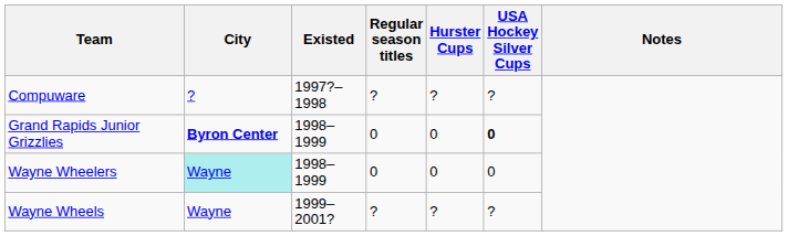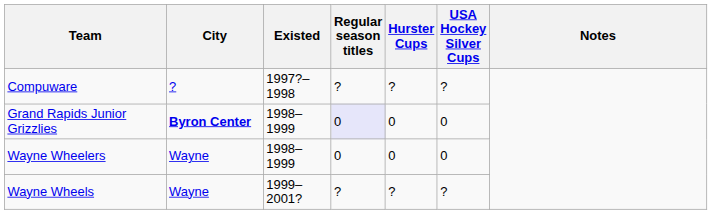 <table class="wikitable">
 <tr>
 <th bgcolor="#DDDDFF" width="25%">Team</th>
 <th bgcolor="#DDDDFF" width="15%">City</th>
 <th bgcolor="#DDDDFF" width="10%">Existed</th>
 <th bgcolor="#DDDDFF" width="5%">Regular season titles</th>
 <th bgcolor="#DDDDFF" width="5%"><a href='#'>Hurster Cups</a></th>
 <th bgcolor="#DDDDFF" width="5%"><a href='#'>USA Hockey Silver Cups</a></th>
 <th bgcolor="#DDDDFF" width="35%">Notes</th>
 </tr>
 <tr>
 <td><a href='#'>Compuware</a></td>
 <td><a href='#'>?</a></td>
 <td>1997?–1998</td>
 <td>?</td>
 <td>?</td>
 <td>?</td>
 </tr>
 <tr>
 <td><a href='#'>Grand Rapids Junior Grizzlies</a></td>
 <td><strong><a href='#'>Byron Center</a></strong></td>
 <td>1998–1999</td>
+<td style="background: lavender;">0</td>
 <td>0</td>
 <td>0</td>
-<td><strong>0</strong></td>
 </tr>
 <tr>
 <td><a href='#'>Wayne Wheelers</a></td>
-<td style="background: paleturquoise;"><a href='#'>Wayne</a></td>
+<td><a href='#'>Wayne</a></td>
 <td>1998–1999</td>
 <td>0</td>
 <td>0</td>
 <td>0</td>
 </tr>
 <tr>
 <td><a href='#'>Wayne Wheels</a></td>
 <td><a href='#'>Wayne</a></td>
 <td>1999–2001?</td>
 <td>?</td>
 <td>?</td>
 <td>?</td>
 </tr>
 </table>
